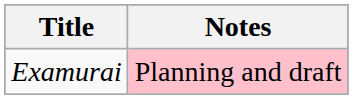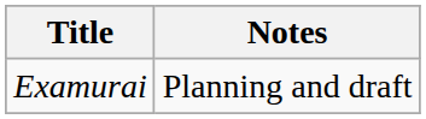 <table class="wikitable">
 <tr>
 <th>Title</th>
 <th>Notes</th>
 </tr>
 <tr>
 <td><em>Examurai</em></td>
-<td style="background: pink;">Planning and draft</td>
+<td>Planning and draft</td>
 </tr>
 </table>
